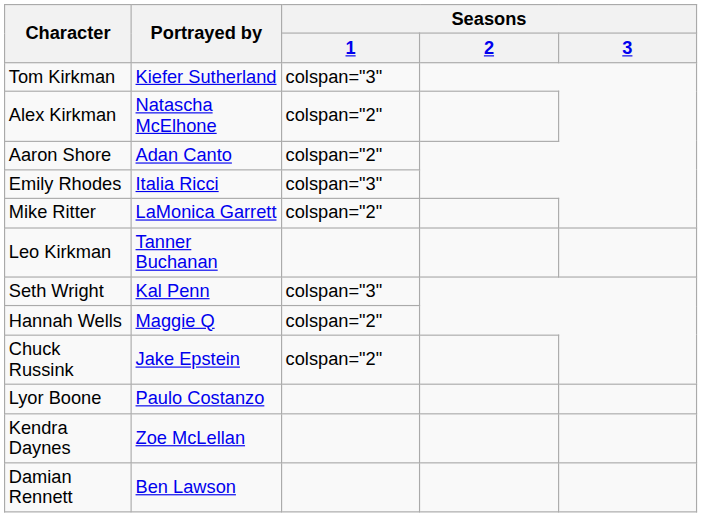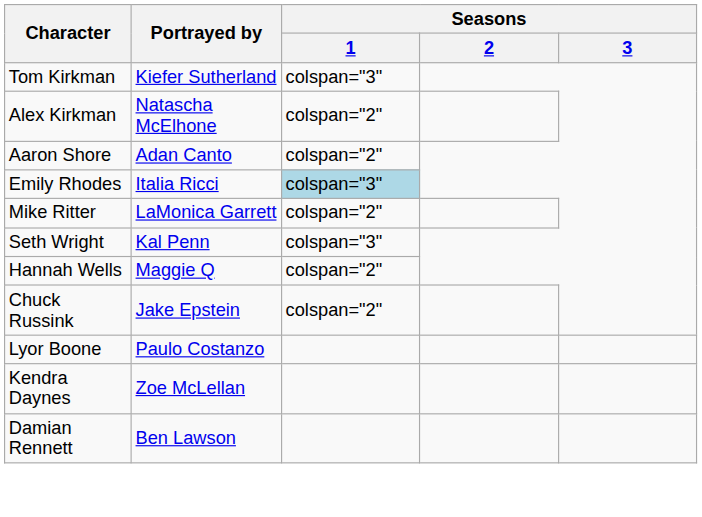 <table class="wikitable plainrowheaders">
 <tr>
 <th scope="col" rowspan="2">Character</th>
 <th scope="col" rowspan="2">Portrayed by</th>
 <th scope="col" colspan="3">Seasons</th>
 </tr>
 <tr>
 <th scope="col" style="width:20%;"><a href='#'>1</a></th>
 <th scope="col" style="width:20%;"><a href='#'>2</a></th>
 <th scope="col" style="width:20%;"><a href='#'>3</a></th>
 </tr>
 <tr>
 <td scope="row">Tom Kirkman</td>
 <td><a href='#'>Kiefer Sutherland</a></td>
 <td>colspan="3" </td>
 </tr>
 <tr>
 <td scope="row">Alex Kirkman</td>
 <td><a href='#'>Natascha McElhone</a></td>
 <td>colspan="2" </td>
 <td></td>
 </tr>
 <tr>
 <td scope="row">Aaron Shore</td>
 <td><a href='#'>Adan Canto</a></td>
 <td>colspan="2" </td>
 </tr>
 <tr>
 <td scope="row">Emily Rhodes</td>
 <td><a href='#'>Italia Ricci</a></td>
-<td>colspan="3" </td>
+<td style="background: lightblue;">colspan="3" </td>
 </tr>
 <tr>
 <td scope="row">Mike Ritter</td>
 <td><a href='#'>LaMonica Garrett</a></td>
 <td>colspan="2" </td>
-<td></td>
-</tr>
-<tr>
-<td scope="row">Leo Kirkman</td>
-<td><a href='#'>Tanner Buchanan</a></td>
-<td></td>
-<td></td>
 <td></td>
 </tr>
 <tr>
 <td scope="row">Seth Wright</td>
 <td><a href='#'>Kal Penn</a></td>
 <td>colspan="3" </td>
 </tr>
 <tr>
 <td scope="row">Hannah Wells</td>
 <td><a href='#'>Maggie Q</a></td>
 <td>colspan="2" </td>
 </tr>
 <tr>
 <td scope="row">Chuck Russink</td>
 <td><a href='#'>Jake Epstein</a></td>
 <td>colspan="2" </td>
 <td></td>
 </tr>
 <tr>
 <td scope="row">Lyor Boone</td>
 <td><a href='#'>Paulo Costanzo</a></td>
 <td></td>
 <td></td>
 <td></td>
 </tr>
 <tr>
 <td scope="row">Kendra Daynes</td>
 <td><a href='#'>Zoe McLellan</a></td>
 <td></td>
 <td></td>
 <td></td>
 </tr>
 <tr>
 <td scope="row">Damian Rennett</td>
 <td><a href='#'>Ben Lawson</a></td>
 <td></td>
 <td></td>
 <td></td>
 </tr>
 </table>
